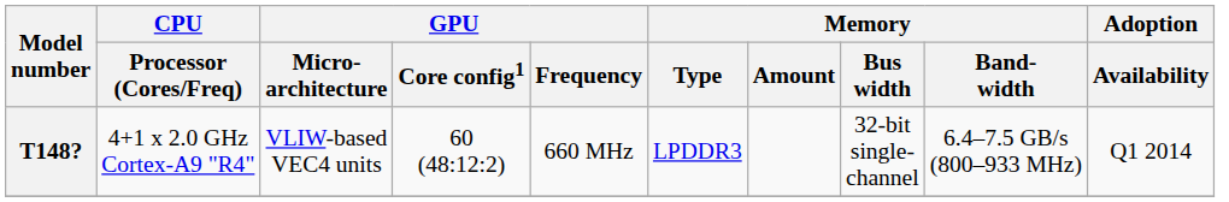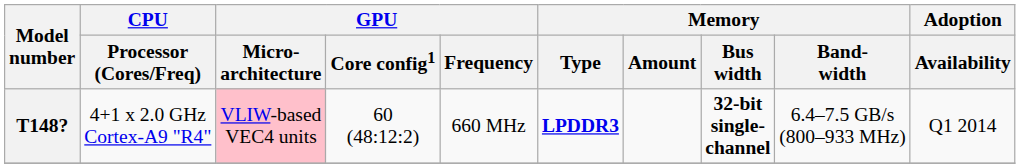 <table class="wikitable" style="text-align:center;">
 <tr>
 <th rowspan=2>Model<br>number</th>
 <th><a href='#'>CPU</a></th>
 <th colspan=3><a href='#'>GPU</a></th>
 <th colspan=4>Memory</th>
 <th>Adoption</th>
 </tr>
 <tr>
 <th>Processor<br>(Cores/Freq)</th>
 <th>Micro-<br>architecture</th>
 <th>Core config<sup>1</sup></th>
 <th>Frequency</th>
 <th>Type</th>
 <th>Amount</th>
 <th>Bus<br>width</th>
 <th>Band-<br>width</th>
 <th>Availability</th>
 </tr>
 <tr>
 <th>T148?</th>
 <td>4+1 x 2.0 GHz <br><a href='#'>Cortex-A9 "R4"</a> </td>
-<td><a href='#'>VLIW</a>-based <br>VEC4 units</td>
+<td style="background: pink;"><a href='#'>VLIW</a>-based <br>VEC4 units</td>
 <td>60<br>(48:12:2)</td>
 <td>660 MHz</td>
-<td><a href='#'>LPDDR3</a></td>
+<td><strong><a href='#'>LPDDR3</a></strong></td>
 <td></td>
-<td>32-bit <br>single-<br>channel</td>
+<td><strong>32-bit <br>single-<br>channel</strong></td>
 <td>6.4–7.5 GB/s <br>(800–933 MHz)</td>
 <td>Q1 2014</td>
 </tr>
 <tr>
 </tr>
 </table>
